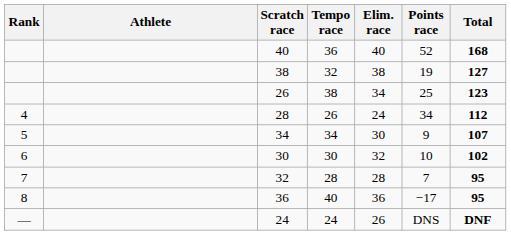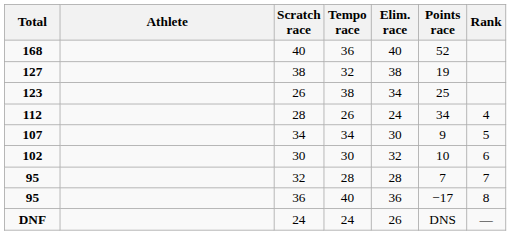 <table class=wikitable style="text-align:center">
 <tr>
-<th width=40>Rank</th>
+<th width=60>Total</th>
 <th width=250>Athlete</th>
 <th width=50>Scratch<br>race</th>
 <th width=50>Tempo<br>race</th>
 <th width=50>Elim.<br>race</th>
 <th width=50>Points<br>race</th>
-<th width=60>Total</th>
+<th width=40>Rank</th>
 </tr>
 <tr>
-<td></td>
+<td><strong>168</strong></td>
 <td align=left></td>
 <td>40</td>
 <td>36</td>
 <td>40</td>
 <td>52</td>
-<td><strong>168</strong></td>
+<td></td>
 </tr>
 <tr>
-<td></td>
+<td><strong>127</strong></td>
 <td align=left></td>
 <td>38</td>
 <td>32</td>
 <td>38</td>
 <td>19</td>
-<td><strong>127</strong></td>
+<td></td>
 </tr>
 <tr>
-<td></td>
+<td><strong>123</strong></td>
 <td align=left></td>
 <td>26</td>
 <td>38</td>
 <td>34</td>
 <td>25</td>
-<td><strong>123</strong></td>
+<td></td>
 </tr>
 <tr>
-<td>4</td>
+<td><strong>112</strong></td>
 <td align=left></td>
 <td>28</td>
 <td>26</td>
 <td>24</td>
 <td>34</td>
-<td><strong>112</strong></td>
+<td>4</td>
 </tr>
 <tr>
-<td>5</td>
+<td><strong>107</strong></td>
 <td align=left></td>
 <td>34</td>
 <td>34</td>
 <td>30</td>
 <td>9</td>
-<td><strong>107</strong></td>
+<td>5</td>
 </tr>
 <tr>
-<td>6</td>
+<td><strong>102</strong></td>
 <td align=left></td>
 <td>30</td>
 <td>30</td>
 <td>32</td>
 <td>10</td>
-<td><strong>102</strong></td>
+<td>6</td>
 </tr>
 <tr>
-<td>7</td>
+<td><strong>95</strong></td>
 <td align=left></td>
 <td>32</td>
 <td>28</td>
 <td>28</td>
 <td>7</td>
-<td><strong>95</strong></td>
+<td>7</td>
 </tr>
 <tr>
-<td>8</td>
+<td><strong>95</strong></td>
 <td align=left></td>
 <td>36</td>
 <td>40</td>
 <td>36</td>
 <td>−17</td>
-<td><strong>95</strong></td>
+<td>8</td>
 </tr>
 <tr>
-<td>—</td>
+<td><strong>DNF</strong></td>
 <td align=left></td>
 <td>24</td>
 <td>24</td>
 <td>26</td>
 <td>DNS</td>
-<td><strong>DNF</strong></td>
+<td>—</td>
 </tr>
 </table>
